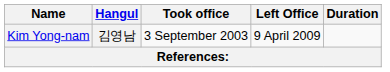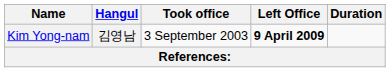 <table class="wikitable sortable">
 <tr>
 <th>Name</th>
 <th class="unsortable"><a href='#'>Hangul</a></th>
 <th>Took office</th>
 <th>Left Office</th>
 <th>Duration</th>
 </tr>
 <tr>
 <th align="center" scope="row" style="font-weight:normal;"><a href='#'>Kim Yong-nam</a></th>
 <th align="center" scope="row" style="font-weight:normal;">김영남</th>
 <td align="center">3 September 2003</td>
-<td align="center">9 April 2009</td>
+<td align="center"><strong>9 April 2009</strong></td>
 <td align="center"></td>
 </tr>
 <tr>
 <th colspan="5" unsortable><strong>References:</strong><br></th>
 </tr>
 </table>
